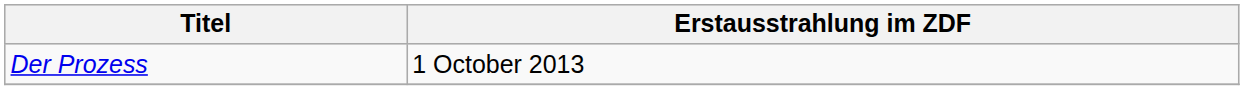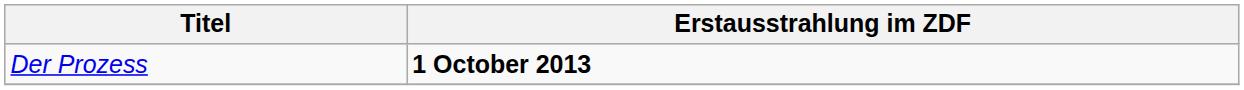 <table class="wikitable" width="50%">
 <tr class="hintergrundfarbe6">
 <th>Titel</th>
 <th>Erstausstrahlung im ZDF</th>
 </tr>
 <tr>
 <td><em><a href='#'>Der Prozess</a></em></td>
-<td>1 October 2013</td>
+<td><strong>1 October 2013</strong></td>
 </tr>
 <tr>
 </tr>
 </table>
